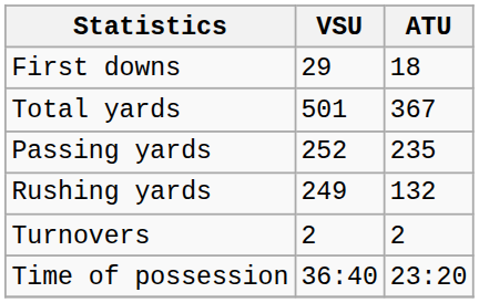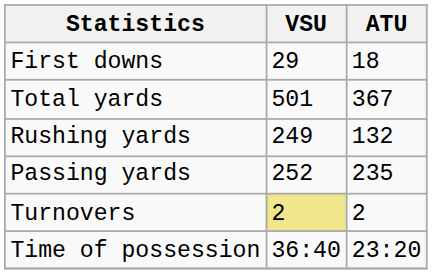 <table class="wikitable" style="float: left;">
 <tr>
 <th>Statistics</th>
 <th>VSU</th>
 <th>ATU</th>
 </tr>
 <tr>
 <td>First downs</td>
 <td>29</td>
 <td>18</td>
 </tr>
 <tr>
 <td>Total yards</td>
 <td>501</td>
 <td>367</td>
 </tr>
 <tr>
+<td>Rushing yards</td>
+<td>249</td>
+<td>132</td>
+</tr>
+<tr>
 <td>Passing yards</td>
 <td>252</td>
 <td>235</td>
 </tr>
 <tr>
-<td>Rushing yards</td>
-<td>249</td>
-<td>132</td>
-</tr>
-<tr>
 <td>Turnovers</td>
-<td>2</td>
+<td style="background: khaki;">2</td>
 <td>2</td>
 </tr>
 <tr>
 <td>Time of possession</td>
 <td>36:40</td>
 <td>23:20</td>
 </tr>
 <tr>
 </tr>
 </table>
